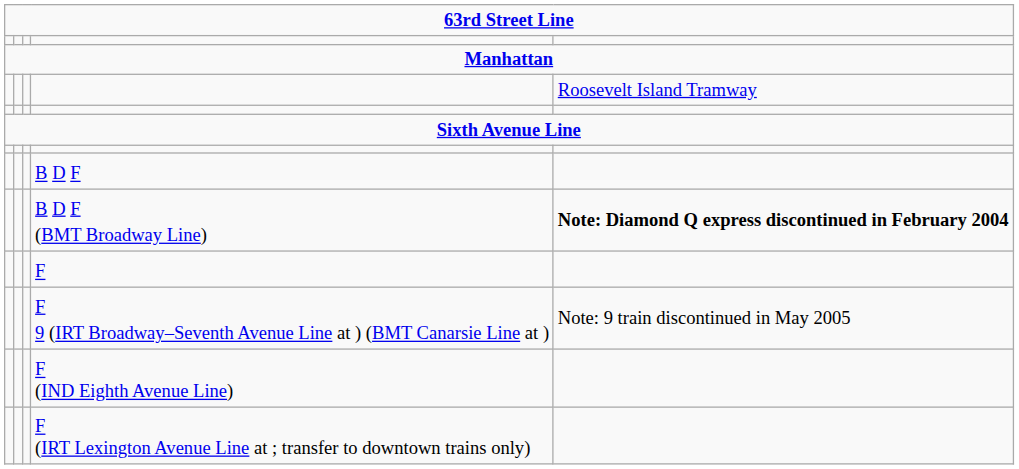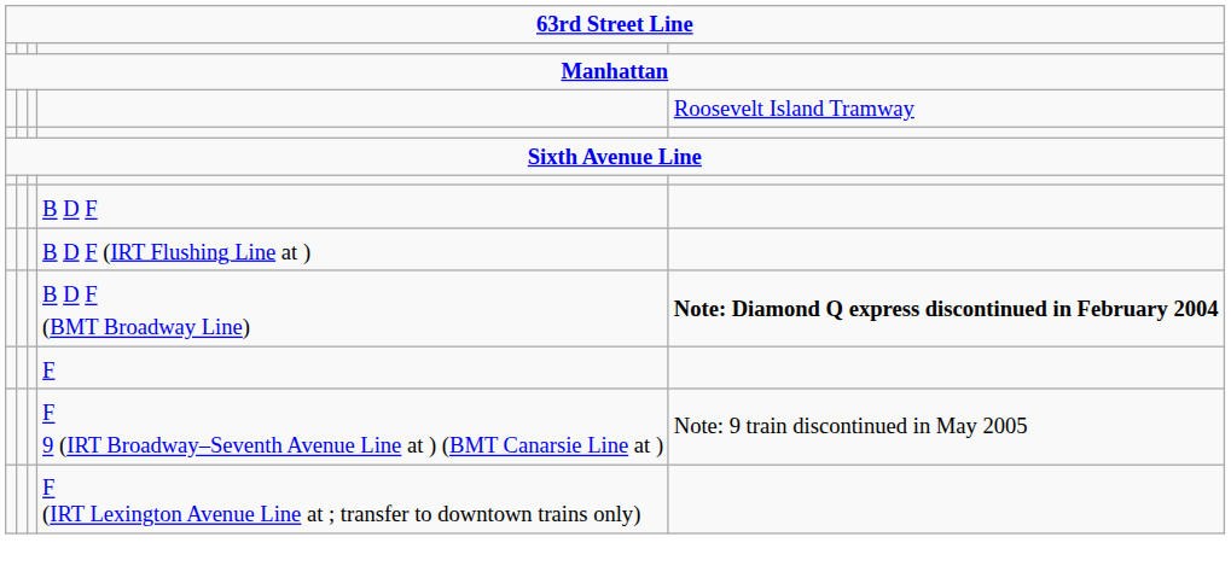 <table class="wikitable collapsible" summary="Service information for the F train and its stations, including service times, ADA-accessibility, subway transfers, and non-subway connections." style="font-size:90%">
 <tr>
 <td colspan="5" style="font-weight:bold; text-align:center"><a href='#'>63rd Street Line</a></td>
 </tr>
 <tr>
 <td align="center"></td>
 <td></td>
 <td align="center"></td>
 <td></td>
 <td></td>
 </tr>
 <tr>
 <td colspan="5" style="font-weight:bold; text-align:center"><a href='#'>Manhattan</a></td>
 </tr>
 <tr>
 <td align="center"></td>
 <td></td>
 <td align="center"></td>
 <td></td>
 <td><a href='#'>Roosevelt Island Tramway</a></td>
 </tr>
 <tr>
 <td align="center"></td>
 <td></td>
 <td align="center"></td>
 <td></td>
 <td></td>
 </tr>
 <tr>
 <td colspan="5" style="font-weight:bold; text-align:center"><a href='#'>Sixth Avenue Line</a></td>
 </tr>
 <tr>
 <td align="center"></td>
 <td></td>
 <td></td>
 <td></td>
 <td></td>
 </tr>
 <tr>
 <td align="center"></td>
 <td></td>
 <td align="center"></td>
 <td><a href='#'>B</a> <sup></sup> <a href='#'>D</a> <sup></sup> <a href='#'>F</a> <sup></sup></td>
 <td></td>
 </tr>
 <tr>
 <td align="center"></td>
 <td></td>
 <td align="center"></td>
+<td><a href='#'>B</a> <sup></sup> <a href='#'>D</a> <sup></sup> <a href='#'>F</a> <sup></sup> (<a href='#'>IRT Flushing Line</a> at )</td>
+<td></td>
+</tr>
+<tr>
+<td align="center"></td>
+<td></td>
+<td align="center"></td>
 <td><a href='#'>B</a> <sup></sup> <a href='#'>D</a> <sup></sup> <a href='#'>F</a> <sup></sup><br><sup></sup> (<a href='#'>BMT Broadway Line</a>)</td>
 <td><strong>Note: Diamond Q express discontinued in February 2004</strong></td>
 </tr>
 <tr>
 <td align="center"></td>
 <td></td>
 <td></td>
 <td><a href='#'>F</a> <sup></sup></td>
 <td></td>
 </tr>
 <tr>
 <td align="center"></td>
 <td></td>
 <td></td>
 <td><a href='#'>F</a> <sup></sup><br> <a href='#'>9</a> <sup></sup> (<a href='#'>IRT Broadway–Seventh Avenue Line</a> at )  (<a href='#'>BMT Canarsie Line</a> at )</td>
 <td>Note: 9 train discontinued in May 2005</td>
 </tr>
 <tr>
 <td align="center"></td>
 <td></td>
 <td align="center"></td>
-<td><a href='#'>F</a> <sup></sup><br> (<a href='#'>IND Eighth Avenue Line</a>)</td>
-<td></td>
-</tr>
-<tr>
-<td align="center"></td>
-<td></td>
-<td align="center"></td>
 <td><a href='#'>F</a> <sup></sup><br> (<a href='#'>IRT Lexington Avenue Line</a> at ; transfer to downtown trains only)</td>
 <td></td>
 </tr>
 </table>
